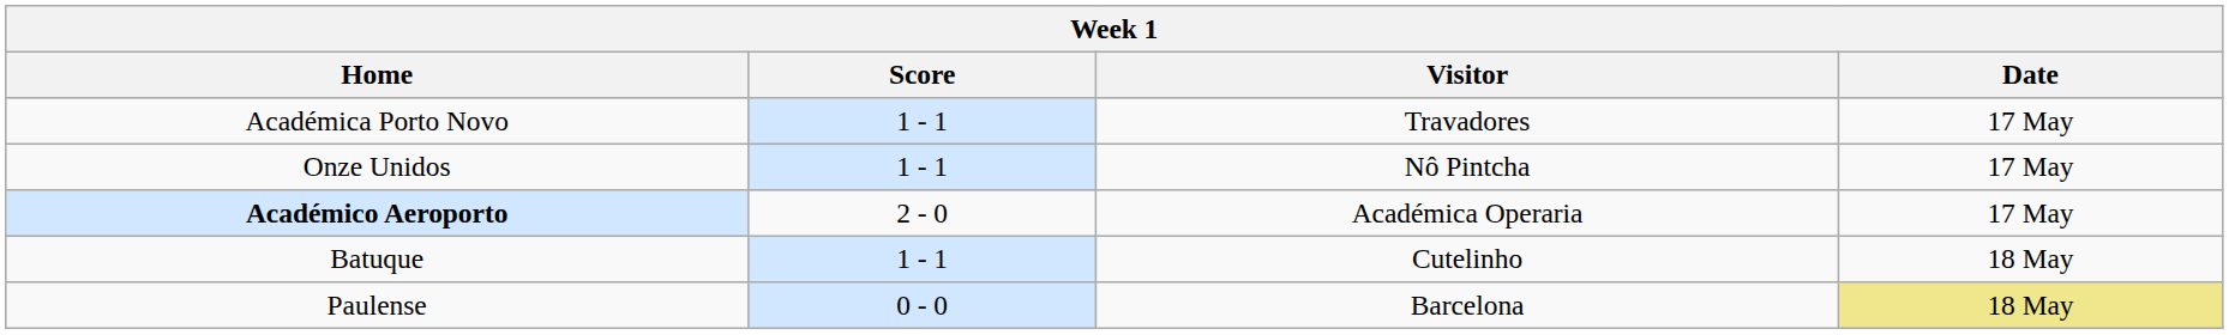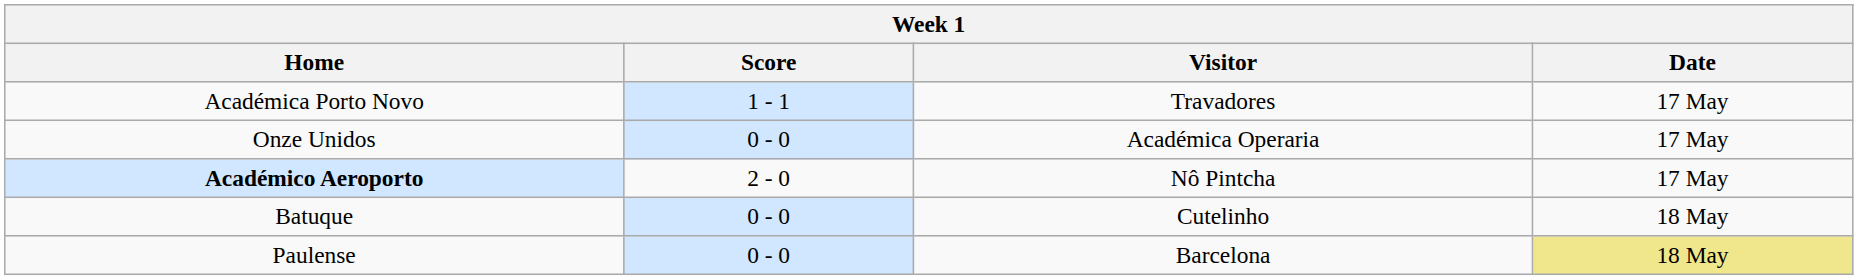 <table class="wikitable" style="font-size:95%; text-align: center; width: 95%;">
 <tr>
 <th colspan="12" style="with: 100%;" align=center>Week 1</th>
 </tr>
 <tr>
 <th width="200">Home</th>
 <th width="90">Score</th>
 <th width="200">Visitor</th>
 <th width="100">Date</th>
 </tr>
 <tr align=center>
 <td>Académica Porto Novo</td>
 <td bgcolor=#D0E7FF>1 - 1</td>
 <td>Travadores</td>
 <td>17 May</td>
 </tr>
 <tr align=center>
 <td>Onze Unidos</td>
-<td bgcolor=#D0E7FF>1 - 1</td>
-<td>Nô Pintcha</td>
+<td bgcolor=#D0E7FF>0 - 0</td>
+<td>Académica Operaria</td>
 <td>17 May</td>
 </tr>
 <tr align=center>
 <td bgcolor=#D0E7FF><strong>Académico Aeroporto</strong></td>
 <td>2 - 0</td>
-<td>Académica Operaria</td>
+<td>Nô Pintcha</td>
 <td>17 May</td>
 </tr>
 <tr align=center>
 <td>Batuque</td>
-<td bgcolor=#D0E7FF>1 - 1</td>
+<td bgcolor=#D0E7FF>0 - 0</td>
 <td>Cutelinho</td>
 <td>18 May</td>
 </tr>
 <tr align=center>
 <td>Paulense</td>
 <td bgcolor=#D0E7FF>0 - 0</td>
 <td>Barcelona</td>
 <td style="background: khaki;">18 May</td>
 </tr>
 </table>
